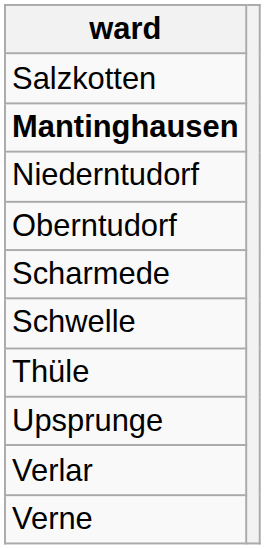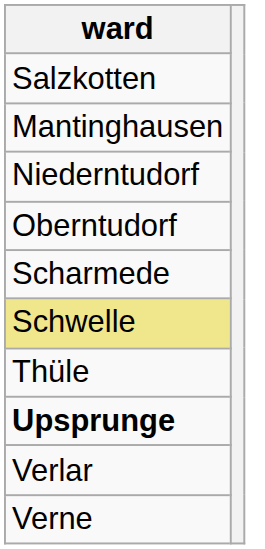 <table class="wikitable" border="1">
 <tr>
 <th>ward</th>
 <th rowspan="11"></th>
 </tr>
 <tr>
 <td>Salzkotten</td>
 </tr>
 <tr>
-<td><strong>Mantinghausen</strong></td>
+<td>Mantinghausen</td>
 </tr>
 <tr>
 <td>Niederntudorf</td>
 </tr>
 <tr>
 <td>Oberntudorf</td>
 </tr>
 <tr>
 <td>Scharmede</td>
 </tr>
 <tr>
-<td>Schwelle</td>
+<td style="background: khaki;">Schwelle</td>
 </tr>
 <tr>
 <td>Thüle</td>
 </tr>
 <tr>
-<td>Upsprunge</td>
+<td><strong>Upsprunge</strong></td>
 </tr>
 <tr>
 <td>Verlar</td>
 </tr>
 <tr>
 <td>Verne</td>
 </tr>
 </table>
